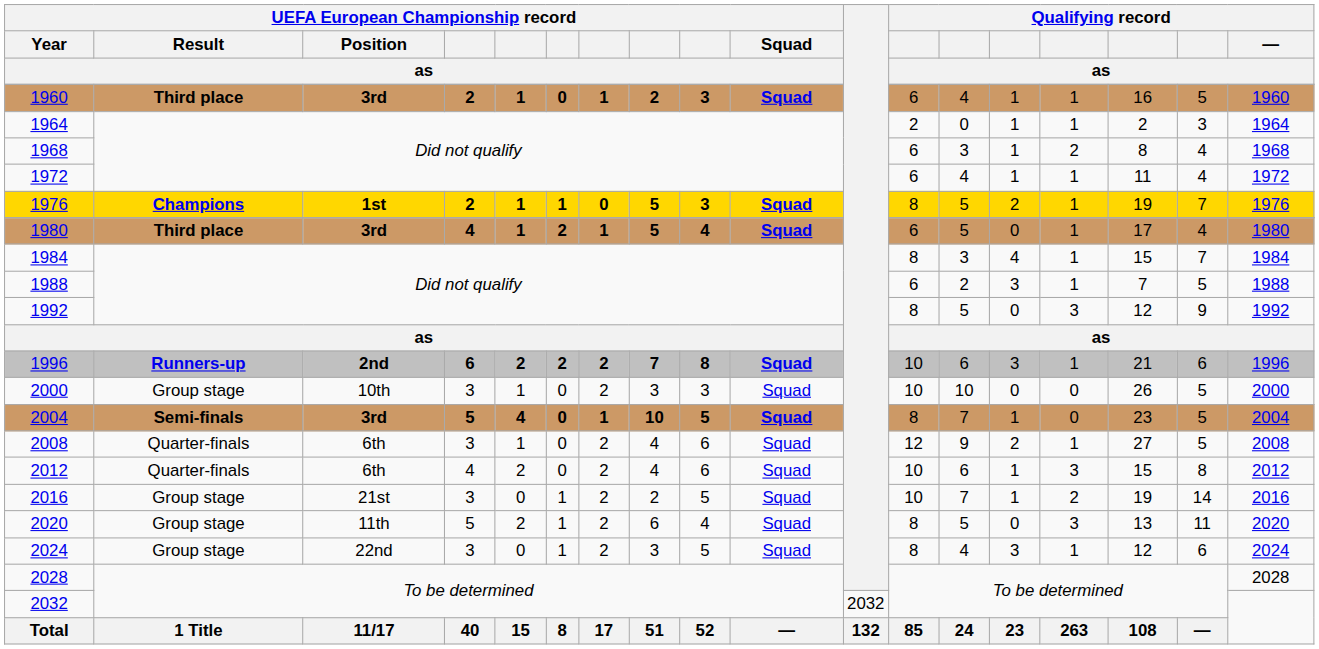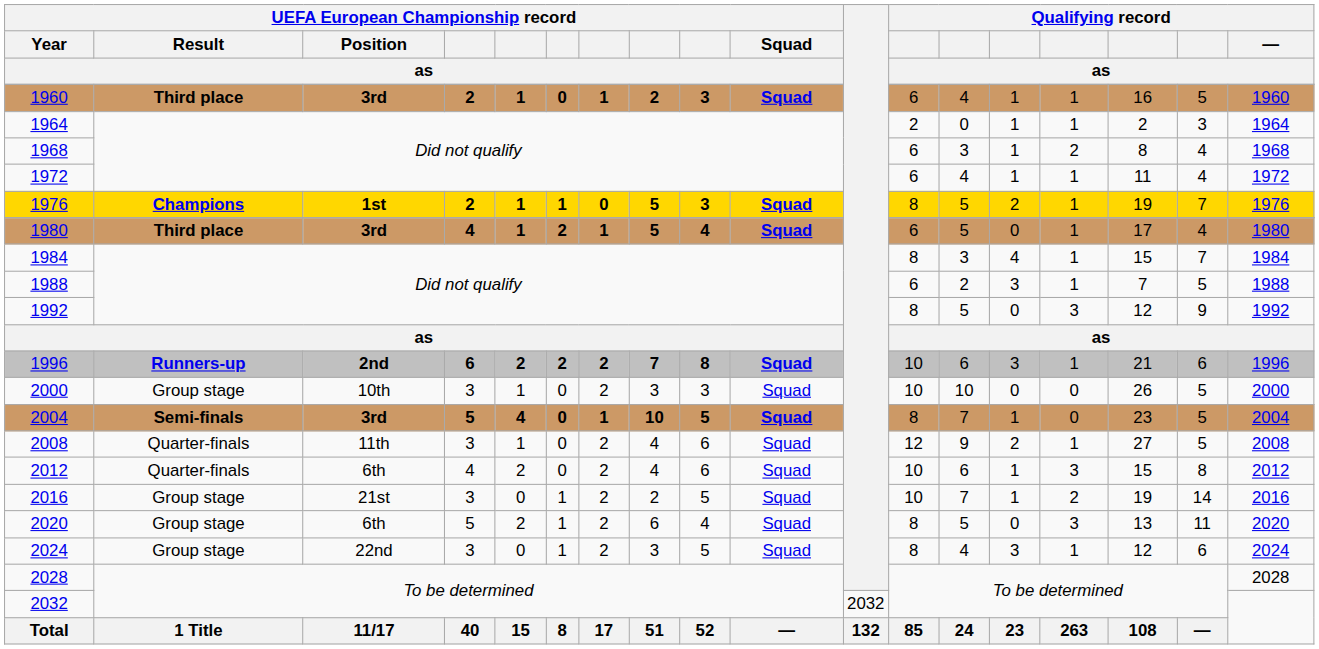 <table class="wikitable" style="text-align: center;">
 <tr>
 <th colspan=10><a href='#'>UEFA European Championship</a> record</th>
 <th width=1% rowspan=24></th>
 <th colspan=7><a href='#'>Qualifying</a> record</th>
 </tr>
 <tr>
 <th>Year</th>
 <th>Result</th>
 <th>Position</th>
 <th></th>
 <th></th>
 <th></th>
 <th></th>
 <th></th>
 <th></th>
 <th>Squad</th>
 <th></th>
 <th></th>
 <th></th>
 <th></th>
 <th></th>
 <th></th>
 <th>—</th>
 </tr>
 <tr>
 <th colspan=10>as </th>
 <th colspan=8>as </th>
 </tr>
 <tr>
 </tr>
 <tr bgcolor=#cc9966>
 <td> <a href='#'>1960</a></td>
 <td><strong>Third place</strong></td>
 <td><strong>3rd</strong></td>
 <td><strong>2</strong></td>
 <td><strong>1</strong></td>
 <td><strong>0</strong></td>
 <td><strong>1</strong></td>
 <td><strong>2</strong></td>
 <td><strong>3</strong></td>
 <td><strong><a href='#'>Squad</a></strong></td>
 <td>6</td>
 <td>4</td>
 <td>1</td>
 <td>1</td>
 <td>16</td>
 <td>5</td>
 <td><a href='#'>1960</a></td>
 </tr>
 <tr>
 <td> <a href='#'>1964</a></td>
 <td colspan=9 rowspan=3><em>Did not qualify</em></td>
 <td>2</td>
 <td>0</td>
 <td>1</td>
 <td>1</td>
 <td>2</td>
 <td>3</td>
 <td><a href='#'>1964</a></td>
 </tr>
 <tr>
 <td> <a href='#'>1968</a></td>
 <td>6</td>
 <td>3</td>
 <td>1</td>
 <td>2</td>
 <td>8</td>
 <td>4</td>
 <td><a href='#'>1968</a></td>
 </tr>
 <tr>
 <td> <a href='#'>1972</a></td>
 <td>6</td>
 <td>4</td>
 <td>1</td>
 <td>1</td>
 <td>11</td>
 <td>4</td>
 <td><a href='#'>1972</a></td>
 </tr>
 <tr bgcolor=Gold>
 <td> <a href='#'>1976</a></td>
 <td><strong><a href='#'>Champions</a></strong></td>
 <td><strong>1st</strong></td>
 <td><strong>2</strong></td>
 <td><strong>1</strong></td>
 <td><strong>1</strong></td>
 <td><strong>0</strong></td>
 <td><strong>5</strong></td>
 <td><strong>3</strong></td>
 <td><strong><a href='#'>Squad</a></strong></td>
 <td>8</td>
 <td>5</td>
 <td>2</td>
 <td>1</td>
 <td>19</td>
 <td>7</td>
 <td><a href='#'>1976</a></td>
 </tr>
 <tr>
 </tr>
 <tr bgcolor=#cc9966>
 <td> <a href='#'>1980</a></td>
 <td><strong>Third place</strong></td>
 <td><strong>3rd</strong></td>
 <td><strong>4</strong></td>
 <td><strong>1</strong></td>
 <td><strong>2</strong></td>
 <td><strong>1</strong></td>
 <td><strong>5</strong></td>
 <td><strong>4</strong></td>
 <td><strong><a href='#'>Squad</a></strong></td>
 <td>6</td>
 <td>5</td>
 <td>0</td>
 <td>1</td>
 <td>17</td>
 <td>4</td>
 <td><a href='#'>1980</a></td>
 </tr>
 <tr>
 <td> <a href='#'>1984</a></td>
 <td colspan=9 rowspan=3><em>Did not qualify</em></td>
 <td>8</td>
 <td>3</td>
 <td>4</td>
 <td>1</td>
 <td>15</td>
 <td>7</td>
 <td><a href='#'>1984</a></td>
 </tr>
 <tr>
 <td> <a href='#'>1988</a></td>
 <td>6</td>
 <td>2</td>
 <td>3</td>
 <td>1</td>
 <td>7</td>
 <td>5</td>
 <td><a href='#'>1988</a></td>
 </tr>
 <tr>
 <td> <a href='#'>1992</a></td>
 <td>8</td>
 <td>5</td>
 <td>0</td>
 <td>3</td>
 <td>12</td>
 <td>9</td>
 <td><a href='#'>1992</a></td>
 </tr>
 <tr>
 <th colspan=10>as </th>
 <th colspan=8>as </th>
 </tr>
 <tr bgcolor=Silver>
 <td> <a href='#'>1996</a></td>
 <td><strong><a href='#'>Runners-up</a></strong></td>
 <td><strong>2nd</strong></td>
 <td><strong>6</strong></td>
 <td><strong>2</strong></td>
 <td><strong>2</strong></td>
 <td><strong>2</strong></td>
 <td><strong>7</strong></td>
 <td><strong>8</strong></td>
 <td><strong><a href='#'>Squad</a></strong></td>
 <td>10</td>
 <td>6</td>
 <td>3</td>
 <td>1</td>
 <td>21</td>
 <td>6</td>
 <td><a href='#'>1996</a></td>
 </tr>
 <tr>
 <td>  <a href='#'>2000</a></td>
 <td>Group stage</td>
 <td>10th</td>
 <td>3</td>
 <td>1</td>
 <td>0</td>
 <td>2</td>
 <td>3</td>
 <td>3</td>
 <td><a href='#'>Squad</a></td>
 <td>10</td>
 <td>10</td>
 <td>0</td>
 <td>0</td>
 <td>26</td>
 <td>5</td>
 <td><a href='#'>2000</a></td>
 </tr>
 <tr style="background:#c96;">
 <td> <a href='#'>2004</a></td>
 <td><strong>Semi-finals</strong></td>
 <td><strong>3rd</strong></td>
 <td><strong>5</strong></td>
 <td><strong>4</strong></td>
 <td><strong>0</strong></td>
 <td><strong>1</strong></td>
 <td><strong>10</strong></td>
 <td><strong>5</strong></td>
 <td><strong><a href='#'>Squad</a></strong></td>
 <td>8</td>
 <td>7</td>
 <td>1</td>
 <td>0</td>
 <td>23</td>
 <td>5</td>
 <td><a href='#'>2004</a></td>
 </tr>
 <tr>
 <td>  <a href='#'>2008</a></td>
 <td>Quarter-finals</td>
-<td>6th</td>
+<td>11th</td>
 <td>3</td>
 <td>1</td>
 <td>0</td>
 <td>2</td>
 <td>4</td>
 <td>6</td>
 <td><a href='#'>Squad</a></td>
 <td>12</td>
 <td>9</td>
 <td>2</td>
 <td>1</td>
 <td>27</td>
 <td>5</td>
 <td><a href='#'>2008</a></td>
 </tr>
 <tr>
 <td>  <a href='#'>2012</a></td>
 <td>Quarter-finals</td>
 <td>6th</td>
 <td>4</td>
 <td>2</td>
 <td>0</td>
 <td>2</td>
 <td>4</td>
 <td>6</td>
 <td><a href='#'>Squad</a></td>
 <td>10</td>
 <td>6</td>
 <td>1</td>
 <td>3</td>
 <td>15</td>
 <td>8</td>
 <td><a href='#'>2012</a></td>
 </tr>
 <tr>
 <td> <a href='#'>2016</a></td>
 <td>Group stage</td>
 <td>21st</td>
 <td>3</td>
 <td>0</td>
 <td>1</td>
 <td>2</td>
 <td>2</td>
 <td>5</td>
 <td><a href='#'>Squad</a></td>
 <td>10</td>
 <td>7</td>
 <td>1</td>
 <td>2</td>
 <td>19</td>
 <td>14</td>
 <td><a href='#'>2016</a></td>
 </tr>
 <tr>
 <td> <a href='#'>2020</a></td>
 <td>Group stage</td>
-<td>11th</td>
+<td>6th</td>
 <td>5</td>
 <td>2</td>
 <td>1</td>
 <td>2</td>
 <td>6</td>
 <td>4</td>
 <td><a href='#'>Squad</a></td>
 <td>8</td>
 <td>5</td>
 <td>0</td>
 <td>3</td>
 <td>13</td>
 <td>11</td>
 <td><a href='#'>2020</a></td>
 </tr>
 <tr>
 <td> <a href='#'>2024</a></td>
 <td>Group stage</td>
 <td>22nd</td>
 <td>3</td>
 <td>0</td>
 <td>1</td>
 <td>2</td>
 <td>3</td>
 <td>5</td>
 <td><a href='#'>Squad</a></td>
 <td>8</td>
 <td>4</td>
 <td>3</td>
 <td>1</td>
 <td>12</td>
 <td>6</td>
 <td><a href='#'>2024</a></td>
 </tr>
 <tr>
 <td>  <a href='#'>2028</a></td>
 <td colspan=9 rowspan=2><em>To be determined</em></td>
 <td colspan=6 rowspan=2><em>To be determined</em></td>
 <td>2028</td>
 </tr>
 <tr>
 <td>  <a href='#'>2032</a></td>
 <td>2032</td>
 </tr>
 <tr>
 <th>Total</th>
 <th>1 Title</th>
 <th>11/17</th>
 <th>40</th>
 <th>15</th>
 <th>8</th>
 <th>17</th>
 <th>51</th>
 <th>52</th>
 <th>—</th>
 <th>132</th>
 <th>85</th>
 <th>24</th>
 <th>23</th>
 <th>263</th>
 <th>108</th>
 <th>—</th>
 </tr>
 </table>
